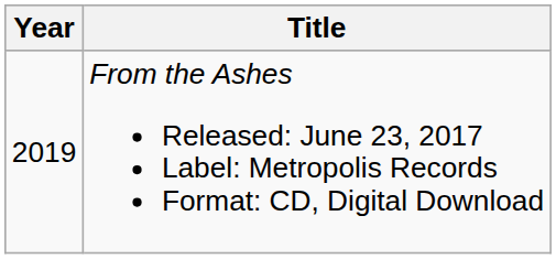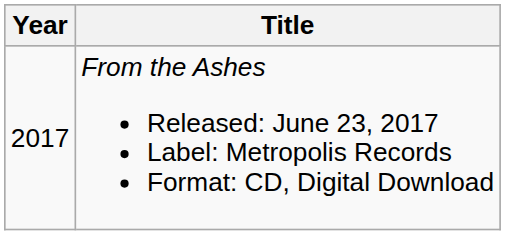 <table class="wikitable">
 <tr>
 <th rowspan="1">Year</th>
 <th rowspan="1">Title</th>
 </tr>
 <tr>
-<td>2019</td>
+<td>2017</td>
 <td><em>From the Ashes</em><br><ul><li>Released: June 23, 2017</li><li>Label: Metropolis Records</li><li>Format: CD, Digital Download</li></ul></td>
 </tr>
 </table>
